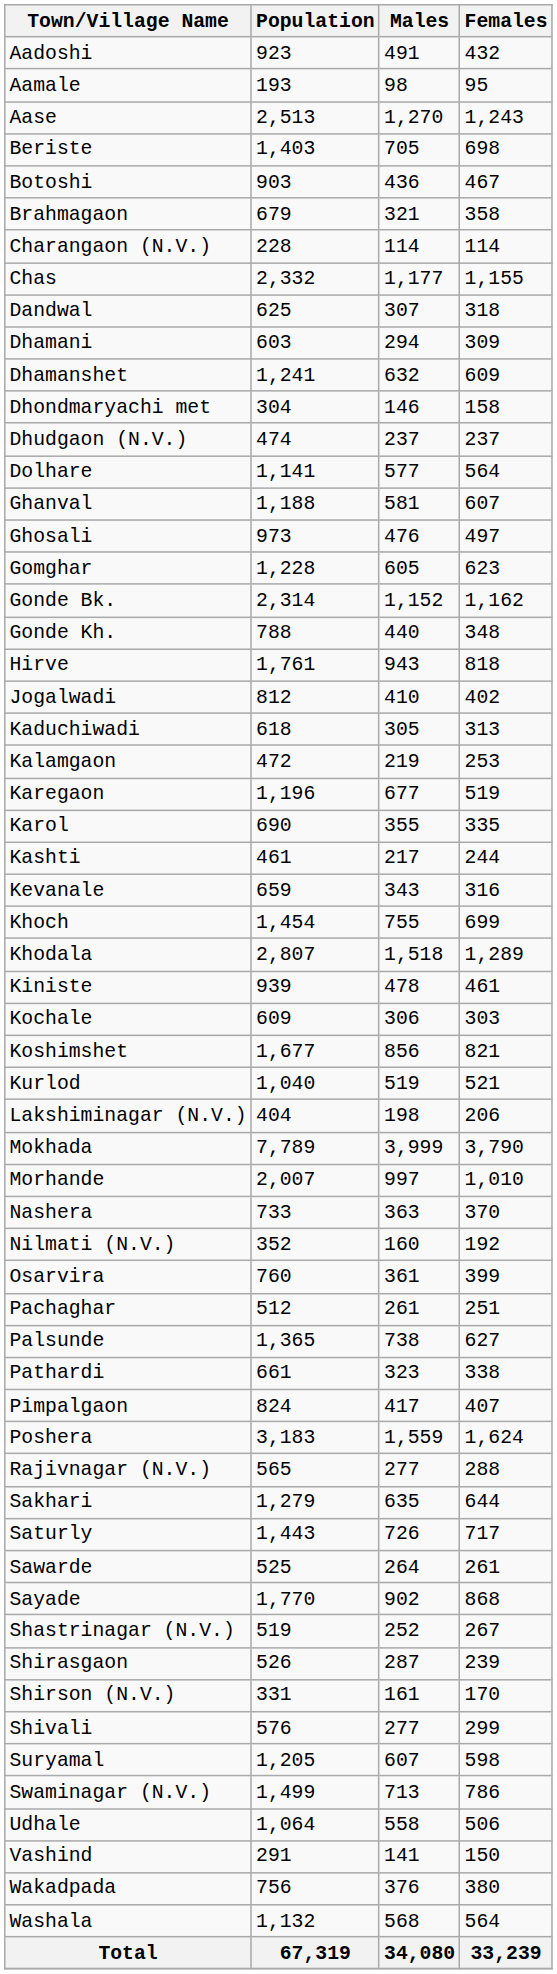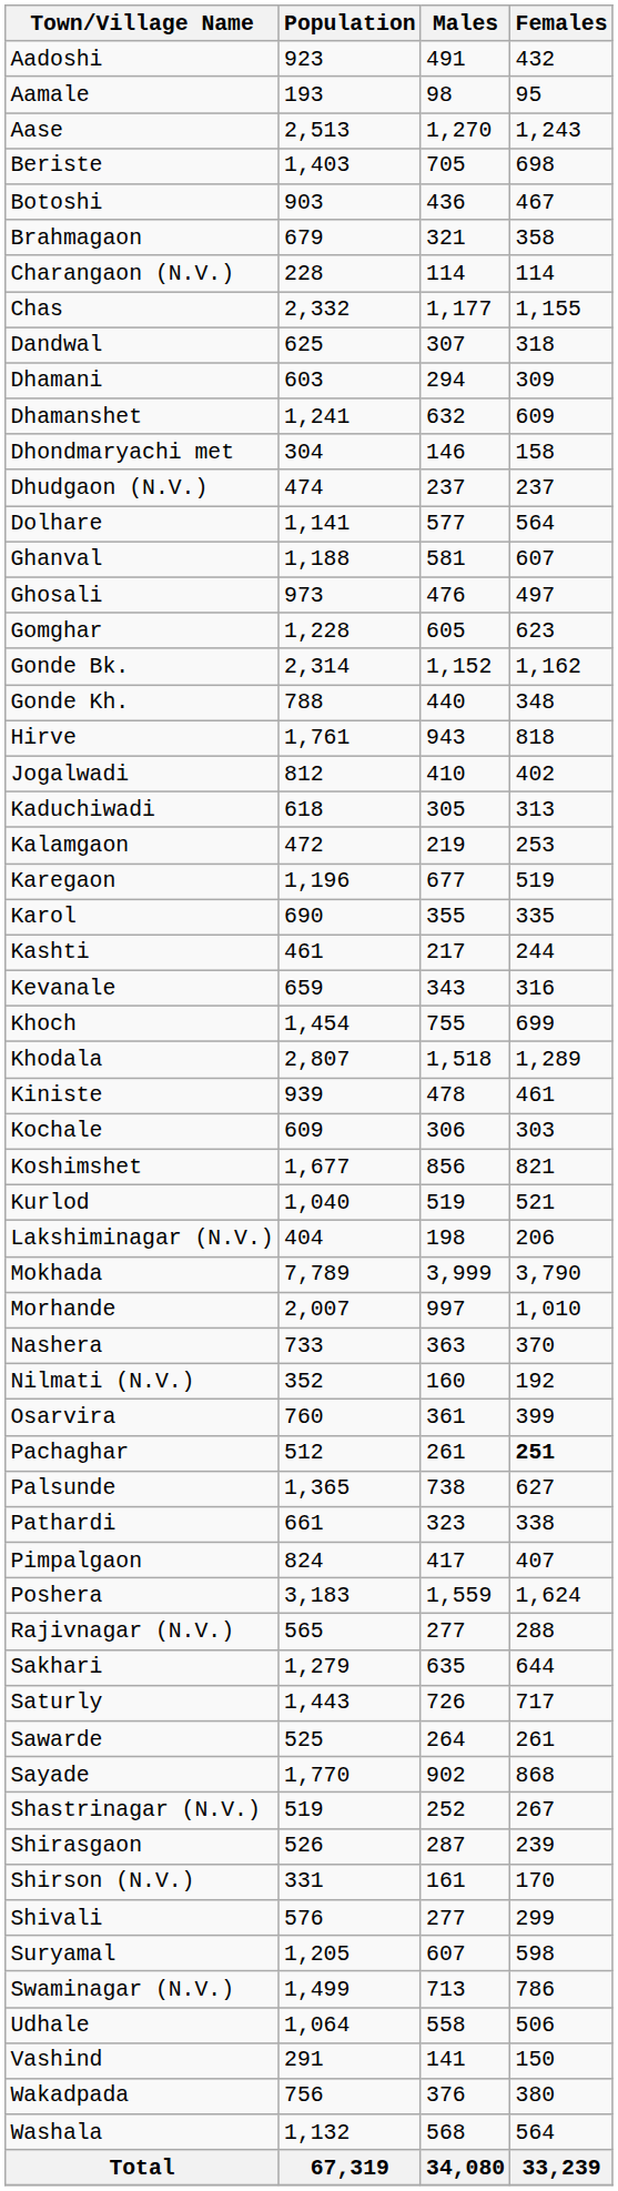 <table class="wikitable sortable collapsible collapsed">
 <tr>
 <th>Town/Village Name</th>
 <th>Population</th>
 <th>Males</th>
 <th>Females</th>
 </tr>
 <tr>
 <td>Aadoshi</td>
 <td>923</td>
 <td>491</td>
 <td>432</td>
 </tr>
 <tr>
 <td>Aamale</td>
 <td>193</td>
 <td>98</td>
 <td>95</td>
 </tr>
 <tr>
 <td>Aase</td>
 <td>2,513</td>
 <td>1,270</td>
 <td>1,243</td>
 </tr>
 <tr>
 <td>Beriste</td>
 <td>1,403</td>
 <td>705</td>
 <td>698</td>
 </tr>
 <tr>
 <td>Botoshi</td>
 <td>903</td>
 <td>436</td>
 <td>467</td>
 </tr>
 <tr>
 <td>Brahmagaon</td>
 <td>679</td>
 <td>321</td>
 <td>358</td>
 </tr>
 <tr>
 <td>Charangaon (N.V.)</td>
 <td>228</td>
 <td>114</td>
 <td>114</td>
 </tr>
 <tr>
 <td>Chas</td>
 <td>2,332</td>
 <td>1,177</td>
 <td>1,155</td>
 </tr>
 <tr>
 <td>Dandwal</td>
 <td>625</td>
 <td>307</td>
 <td>318</td>
 </tr>
 <tr>
 <td>Dhamani</td>
 <td>603</td>
 <td>294</td>
 <td>309</td>
 </tr>
 <tr>
 <td>Dhamanshet</td>
 <td>1,241</td>
 <td>632</td>
 <td>609</td>
 </tr>
 <tr>
 <td>Dhondmaryachi met</td>
 <td>304</td>
 <td>146</td>
 <td>158</td>
 </tr>
 <tr>
 <td>Dhudgaon (N.V.)</td>
 <td>474</td>
 <td>237</td>
 <td>237</td>
 </tr>
 <tr>
 <td>Dolhare</td>
 <td>1,141</td>
 <td>577</td>
 <td>564</td>
 </tr>
 <tr>
 <td>Ghanval</td>
 <td>1,188</td>
 <td>581</td>
 <td>607</td>
 </tr>
 <tr>
 <td>Ghosali</td>
 <td>973</td>
 <td>476</td>
 <td>497</td>
 </tr>
 <tr>
 <td>Gomghar</td>
 <td>1,228</td>
 <td>605</td>
 <td>623</td>
 </tr>
 <tr>
 <td>Gonde Bk.</td>
 <td>2,314</td>
 <td>1,152</td>
 <td>1,162</td>
 </tr>
 <tr>
 <td>Gonde Kh.</td>
 <td>788</td>
 <td>440</td>
 <td>348</td>
 </tr>
 <tr>
 <td>Hirve</td>
 <td>1,761</td>
 <td>943</td>
 <td>818</td>
 </tr>
 <tr>
 <td>Jogalwadi</td>
 <td>812</td>
 <td>410</td>
 <td>402</td>
 </tr>
 <tr>
 <td>Kaduchiwadi</td>
 <td>618</td>
 <td>305</td>
 <td>313</td>
 </tr>
 <tr>
 <td>Kalamgaon</td>
 <td>472</td>
 <td>219</td>
 <td>253</td>
 </tr>
 <tr>
 <td>Karegaon</td>
 <td>1,196</td>
 <td>677</td>
 <td>519</td>
 </tr>
 <tr>
 <td>Karol</td>
 <td>690</td>
 <td>355</td>
 <td>335</td>
 </tr>
 <tr>
 <td>Kashti</td>
 <td>461</td>
 <td>217</td>
 <td>244</td>
 </tr>
 <tr>
 <td>Kevanale</td>
 <td>659</td>
 <td>343</td>
 <td>316</td>
 </tr>
 <tr>
 <td>Khoch</td>
 <td>1,454</td>
 <td>755</td>
 <td>699</td>
 </tr>
 <tr>
 <td>Khodala</td>
 <td>2,807</td>
 <td>1,518</td>
 <td>1,289</td>
 </tr>
 <tr>
 <td>Kiniste</td>
 <td>939</td>
 <td>478</td>
 <td>461</td>
 </tr>
 <tr>
 <td>Kochale</td>
 <td>609</td>
 <td>306</td>
 <td>303</td>
 </tr>
 <tr>
 <td>Koshimshet</td>
 <td>1,677</td>
 <td>856</td>
 <td>821</td>
 </tr>
 <tr>
 <td>Kurlod</td>
 <td>1,040</td>
 <td>519</td>
 <td>521</td>
 </tr>
 <tr>
 <td>Lakshiminagar (N.V.)</td>
 <td>404</td>
 <td>198</td>
 <td>206</td>
 </tr>
 <tr>
 <td>Mokhada</td>
 <td>7,789</td>
 <td>3,999</td>
 <td>3,790</td>
 </tr>
 <tr>
 <td>Morhande</td>
 <td>2,007</td>
 <td>997</td>
 <td>1,010</td>
 </tr>
 <tr>
 <td>Nashera</td>
 <td>733</td>
 <td>363</td>
 <td>370</td>
 </tr>
 <tr>
 <td>Nilmati (N.V.)</td>
 <td>352</td>
 <td>160</td>
 <td>192</td>
 </tr>
 <tr>
 <td>Osarvira</td>
 <td>760</td>
 <td>361</td>
 <td>399</td>
 </tr>
 <tr>
 <td>Pachaghar</td>
 <td>512</td>
 <td>261</td>
-<td>251</td>
+<td><strong>251</strong></td>
 </tr>
 <tr>
 <td>Palsunde</td>
 <td>1,365</td>
 <td>738</td>
 <td>627</td>
 </tr>
 <tr>
 <td>Pathardi</td>
 <td>661</td>
 <td>323</td>
 <td>338</td>
 </tr>
 <tr>
 <td>Pimpalgaon</td>
 <td>824</td>
 <td>417</td>
 <td>407</td>
 </tr>
 <tr>
 <td>Poshera</td>
 <td>3,183</td>
 <td>1,559</td>
 <td>1,624</td>
 </tr>
 <tr>
 <td>Rajivnagar (N.V.)</td>
 <td>565</td>
 <td>277</td>
 <td>288</td>
 </tr>
 <tr>
 <td>Sakhari</td>
 <td>1,279</td>
 <td>635</td>
 <td>644</td>
 </tr>
 <tr>
 <td>Saturly</td>
 <td>1,443</td>
 <td>726</td>
 <td>717</td>
 </tr>
 <tr>
 <td>Sawarde</td>
 <td>525</td>
 <td>264</td>
 <td>261</td>
 </tr>
 <tr>
 <td>Sayade</td>
 <td>1,770</td>
 <td>902</td>
 <td>868</td>
 </tr>
 <tr>
 <td>Shastrinagar (N.V.)</td>
 <td>519</td>
 <td>252</td>
 <td>267</td>
 </tr>
 <tr>
 <td>Shirasgaon</td>
 <td>526</td>
 <td>287</td>
 <td>239</td>
 </tr>
 <tr>
 <td>Shirson (N.V.)</td>
 <td>331</td>
 <td>161</td>
 <td>170</td>
 </tr>
 <tr>
 <td>Shivali</td>
 <td>576</td>
 <td>277</td>
 <td>299</td>
 </tr>
 <tr>
 <td>Suryamal</td>
 <td>1,205</td>
 <td>607</td>
 <td>598</td>
 </tr>
 <tr>
 <td>Swaminagar (N.V.)</td>
 <td>1,499</td>
 <td>713</td>
 <td>786</td>
 </tr>
 <tr>
 <td>Udhale</td>
 <td>1,064</td>
 <td>558</td>
 <td>506</td>
 </tr>
 <tr>
 <td>Vashind</td>
 <td>291</td>
 <td>141</td>
 <td>150</td>
 </tr>
 <tr>
 <td>Wakadpada</td>
 <td>756</td>
 <td>376</td>
 <td>380</td>
 </tr>
 <tr>
 <td>Washala</td>
 <td>1,132</td>
 <td>568</td>
 <td>564</td>
 </tr>
 <tr>
 <th>Total</th>
 <th>67,319</th>
 <th>34,080</th>
 <th>33,239</th>
 </tr>
 <tr>
 </tr>
 </table>
